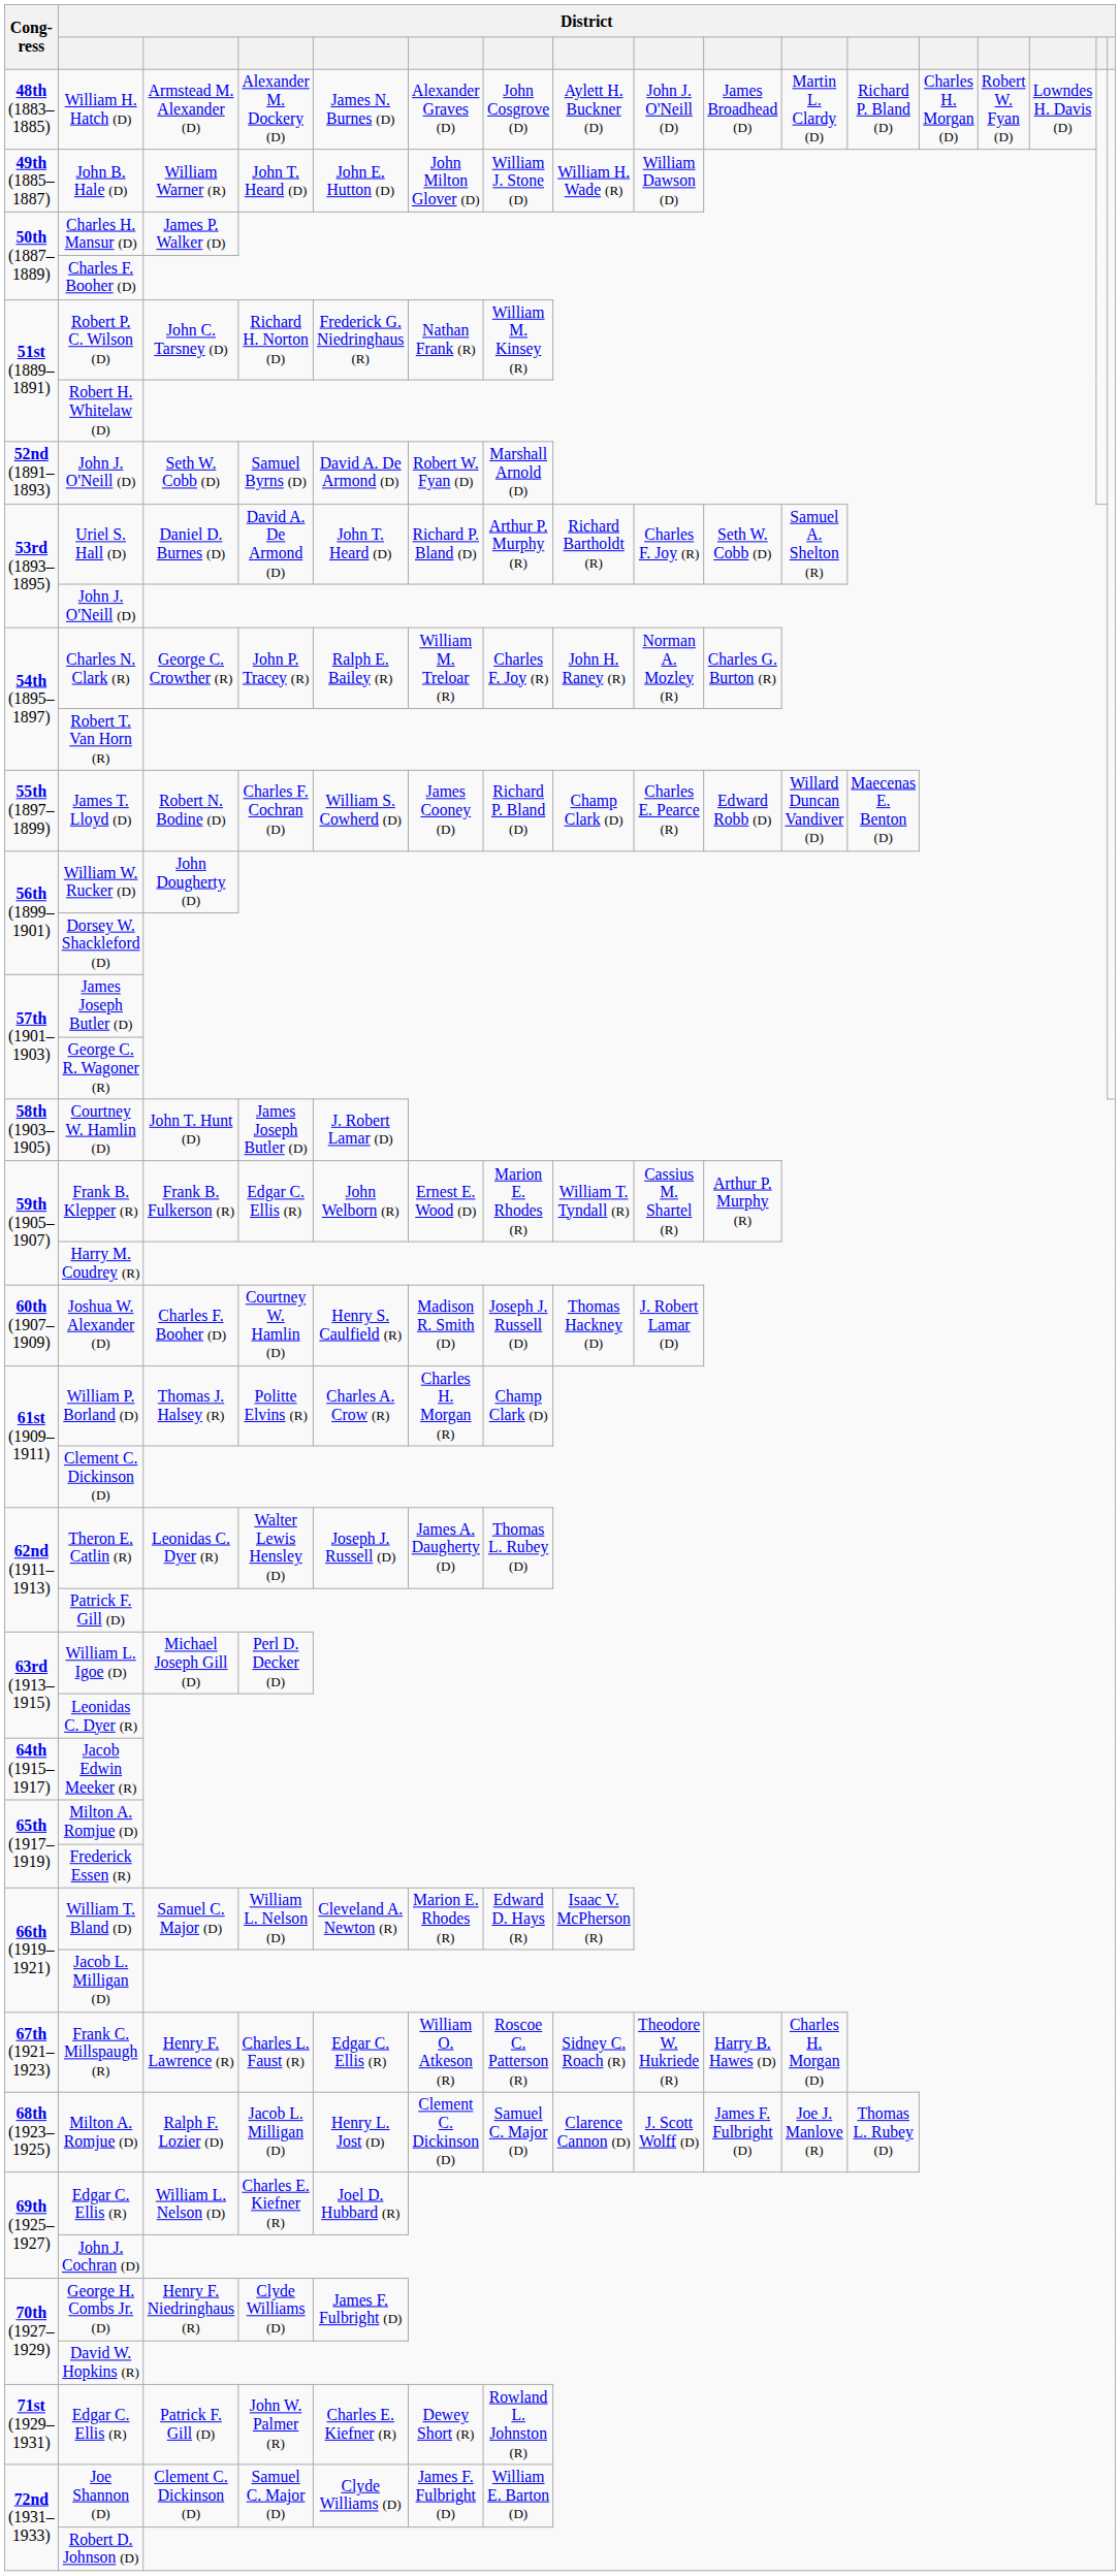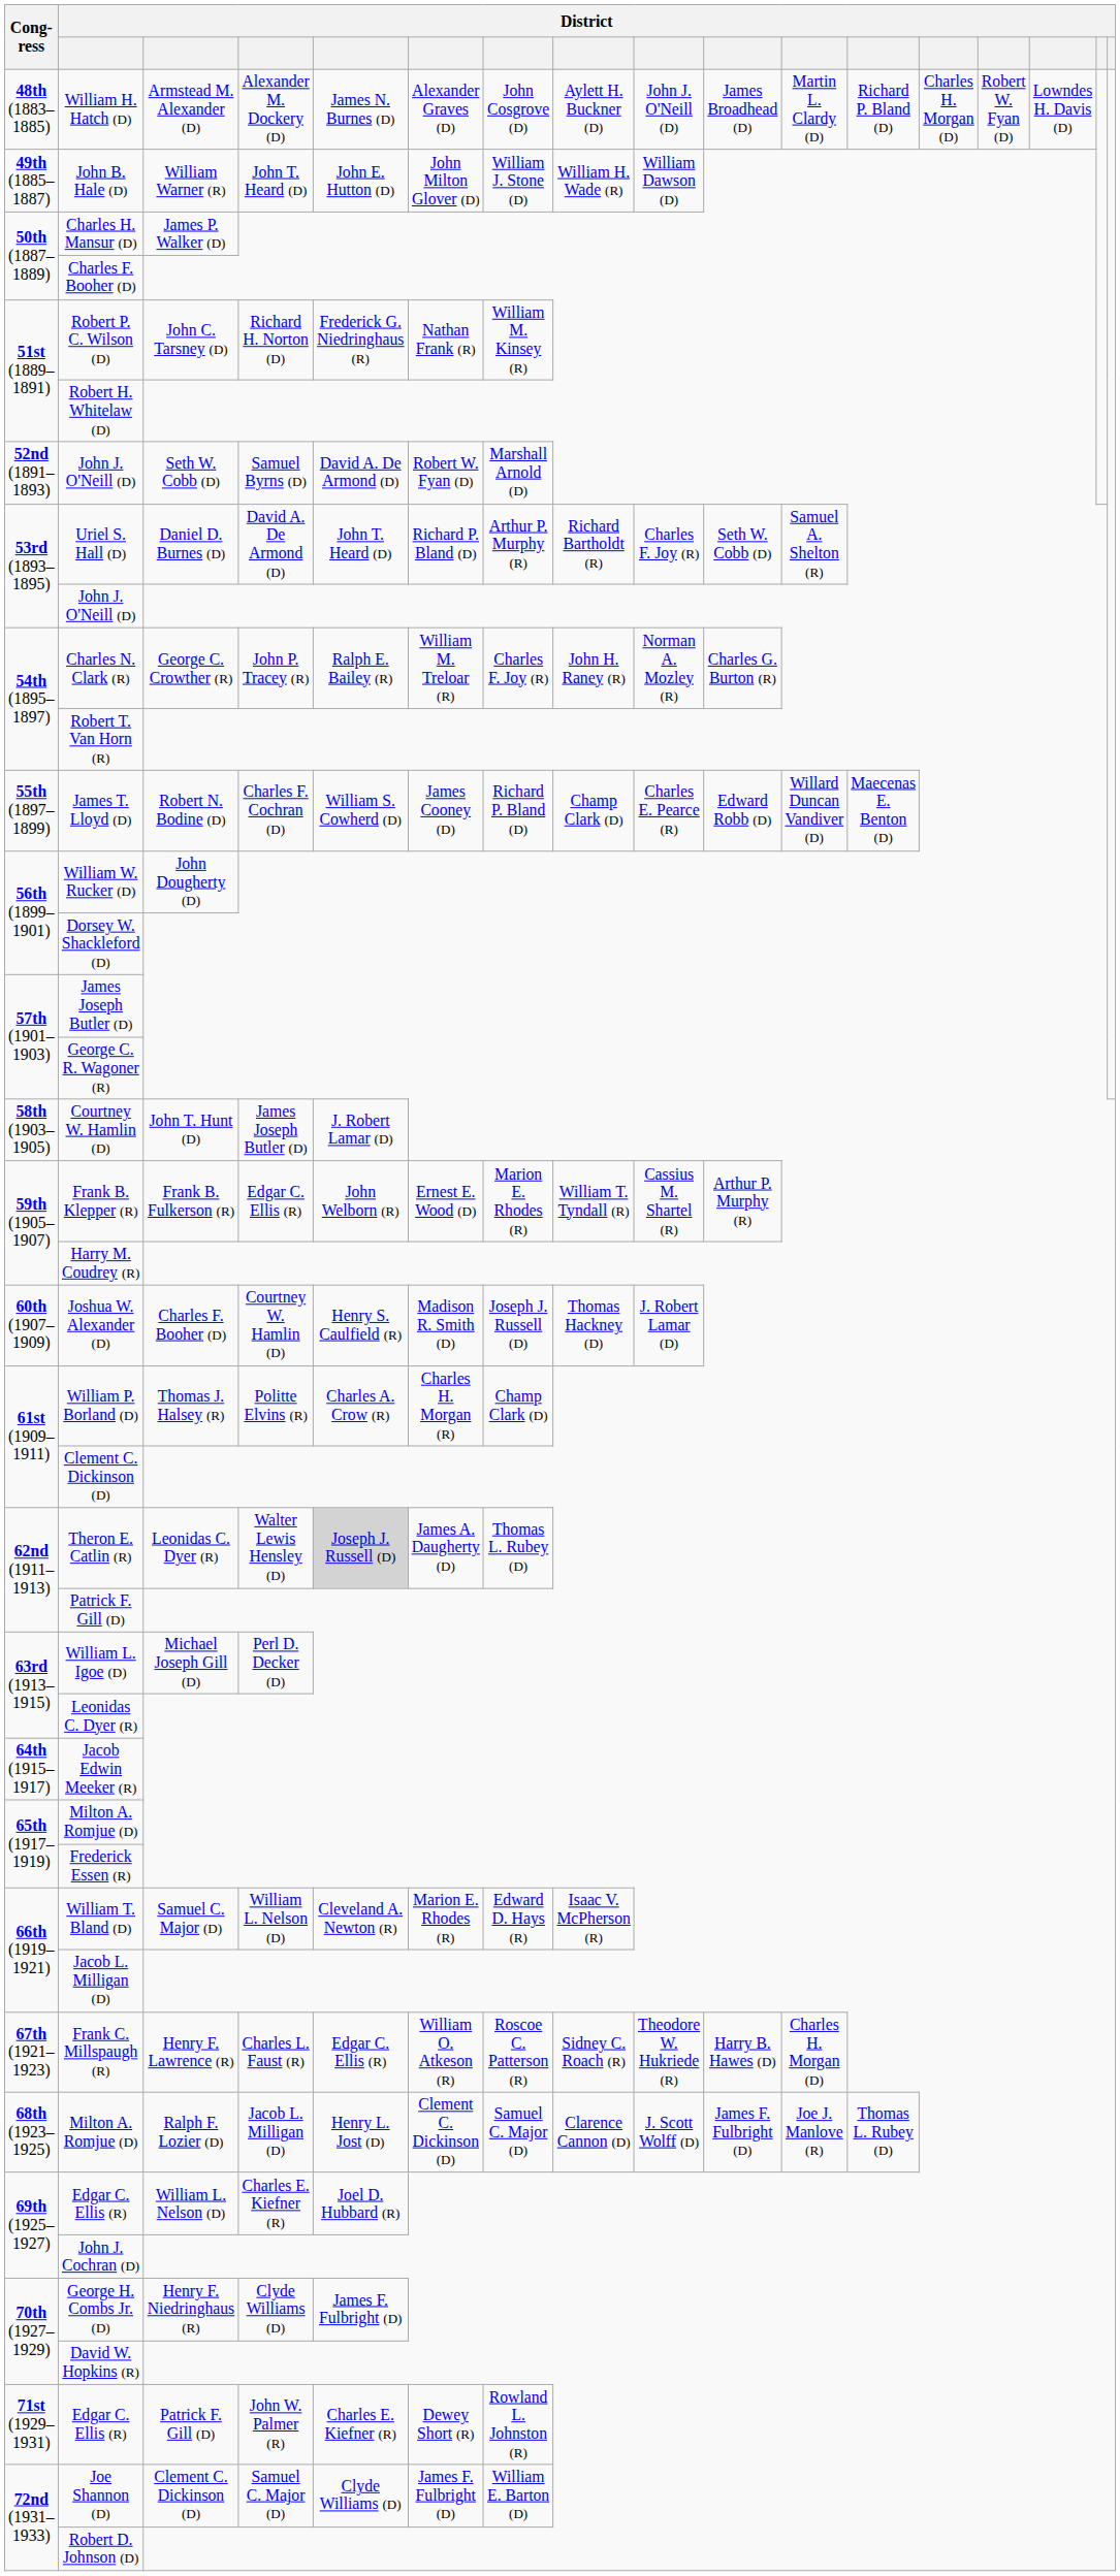 <table class="wikitable sticky-header-multi sortable" style="text-align:center">
 <tr style="height:2em">
 <th rowspan=2  class=unsortable>Cong­ress</th>
 <th colspan=16>District</th>
 </tr>
 <tr style="height:2em">
 <th class=unsortable></th>
 <th class=unsortable></th>
 <th class=unsortable></th>
 <th class=unsortable></th>
 <th class=unsortable></th>
 <th class=unsortable></th>
 <th class=unsortable></th>
 <th class=unsortable></th>
 <th class=unsortable></th>
 <th class=unsortable></th>
 <th class=unsortable></th>
 <th class=unsortable></th>
 <th class=unsortable></th>
 <th class=unsortable></th>
 <th class=unsortable></th>
 <th class=unsortable></th>
 </tr>
 <tr style="height:2em">
 <td><strong><a href='#'>48th</a></strong><br>(1883–1885)</td>
 <td><a href='#'>William H. Hatch</a> <small>(D)</small></td>
 <td><a href='#'>Armstead M. Alexander</a> <small>(D)</small></td>
 <td><a href='#'>Alexander M. Dockery</a> <small>(D)</small></td>
 <td><a href='#'>James N. Burnes</a> <small>(D)</small></td>
 <td><a href='#'>Alexander Graves</a> <small>(D)</small></td>
 <td><a href='#'>John Cosgrove</a> <small>(D)</small></td>
 <td><a href='#'>Aylett H. Buckner</a> <small>(D)</small></td>
 <td><a href='#'>John J. O'Neill</a> <small>(D)</small></td>
 <td><a href='#'>James Broadhead</a> <small>(D)</small></td>
 <td><a href='#'>Martin L. Clardy</a> <small>(D)</small></td>
 <td><a href='#'>Richard P. Bland</a> <small>(D)</small></td>
 <td><a href='#'>Charles H. Morgan</a> <small>(D)</small></td>
 <td><a href='#'>Robert W. Fyan</a> <small>(D)</small></td>
 <td><a href='#'>Lowndes H. Davis</a> <small>(D)</small></td>
 <td rowspan=7> </td>
 <td rowspan=16></td>
 </tr>
 <tr style="height:2em">
 <td><strong><a href='#'>49th</a></strong><br>(1885–1887)</td>
 <td><a href='#'>John B. Hale</a> <small>(D)</small></td>
 <td><a href='#'>William Warner</a> <small>(R)</small></td>
 <td><a href='#'>John T. Heard</a> <small>(D)</small></td>
 <td><a href='#'>John E. Hutton</a> <small>(D)</small></td>
 <td><a href='#'>John Milton Glover</a> <small>(D)</small></td>
 <td><a href='#'>William J. Stone</a> <small>(D)</small></td>
 <td><a href='#'>William H. Wade</a> <small>(R)</small></td>
 <td><a href='#'>William Dawson</a> <small>(D)</small></td>
 </tr>
 <tr style="height:2em">
 <td rowspan=2><strong><a href='#'>50th</a></strong><br>(1887–1889)</td>
 <td><a href='#'>Charles H. Mansur</a> <small>(D)</small></td>
 <td><a href='#'>James P. Walker</a> <small>(D)</small></td>
 </tr>
 <tr style="height:2em">
 <td><a href='#'>Charles F. Booher</a> <small>(D)</small></td>
 </tr>
 <tr style="height:2em">
 <td rowspan=2><strong><a href='#'>51st</a></strong><br>(1889–1891)</td>
 <td><a href='#'>Robert P. C. Wilson</a> <small>(D)</small></td>
 <td><a href='#'>John C. Tarsney</a> <small>(D)</small></td>
 <td><a href='#'>Richard H. Norton</a> <small>(D)</small></td>
 <td><a href='#'>Frederick G. Niedringhaus</a> <small>(R)</small></td>
 <td><a href='#'>Nathan Frank</a> <small>(R)</small></td>
 <td><a href='#'>William M. Kinsey</a> <small>(R)</small></td>
 </tr>
 <tr style="height:2em">
 <td><a href='#'>Robert H. Whitelaw</a> <small>(D)</small></td>
 </tr>
 <tr style="height:2em">
 <td><strong><a href='#'>52nd</a></strong><br>(1891–1893)</td>
 <td><a href='#'>John J. O'Neill</a> <small>(D)</small></td>
 <td><a href='#'>Seth W. Cobb</a> <small>(D)</small></td>
 <td><a href='#'>Samuel Byrns</a> <small>(D)</small></td>
 <td><a href='#'>David A. De Armond</a> <small>(D)</small></td>
 <td><a href='#'>Robert W. Fyan</a> <small>(D)</small></td>
 <td><a href='#'>Marshall Arnold</a> <small>(D)</small></td>
 </tr>
 <tr style="height:2em">
 <td rowspan=2><strong><a href='#'>53rd</a></strong><br>(1893–1895)</td>
 <td><a href='#'>Uriel S. Hall</a> <small>(D)</small></td>
 <td><a href='#'>Daniel D. Burnes</a> <small>(D)</small></td>
 <td><a href='#'>David A. De Armond</a> <small>(D)</small></td>
 <td><a href='#'>John T. Heard</a> <small>(D)</small></td>
 <td><a href='#'>Richard P. Bland</a> <small>(D)</small></td>
 <td><a href='#'>Arthur P. Murphy</a> <small>(R)</small></td>
 <td><a href='#'>Richard Bartholdt</a> <small>(R)</small></td>
 <td><a href='#'>Charles F. Joy</a> <small>(R)</small></td>
 <td><a href='#'>Seth W. Cobb</a> <small>(D)</small></td>
 <td><a href='#'>Samuel A. Shelton</a> <small>(R)</small></td>
 </tr>
 <tr style="height:2em">
 <td><a href='#'>John J. O'Neill</a> <small>(D)</small></td>
 </tr>
 <tr style="height:2em">
 <td rowspan=2><strong><a href='#'>54th</a></strong><br>(1895–1897)</td>
 <td><a href='#'>Charles N. Clark</a> <small>(R)</small></td>
 <td><a href='#'>George C. Crowther</a> <small>(R)</small></td>
 <td><a href='#'>John P. Tracey</a> <small>(R)</small></td>
 <td><a href='#'>Ralph E. Bailey</a> <small>(R)</small></td>
 <td><a href='#'>William M. Treloar</a> <small>(R)</small></td>
 <td><a href='#'>Charles F. Joy</a> <small>(R)</small></td>
 <td><a href='#'>John H. Raney</a> <small>(R)</small></td>
 <td><a href='#'>Norman A. Mozley</a> <small>(R)</small></td>
 <td><a href='#'>Charles G. Burton</a> <small>(R)</small></td>
 </tr>
 <tr style="height:2em">
 <td><a href='#'>Robert T. Van Horn</a> <small>(R)</small></td>
 </tr>
 <tr style="height:2em">
 <td><strong><a href='#'>55th</a></strong><br>(1897–1899)</td>
 <td><a href='#'>James T. Lloyd</a> <small>(D)</small></td>
 <td><a href='#'>Robert N. Bodine</a> <small>(D)</small></td>
 <td><a href='#'>Charles F. Cochran</a> <small>(D)</small></td>
 <td><a href='#'>William S. Cowherd</a> <small>(D)</small></td>
 <td><a href='#'>James Cooney</a> <small>(D)</small></td>
 <td><a href='#'>Richard P. Bland</a> <small>(D)</small></td>
 <td><a href='#'>Champ Clark</a> <small>(D)</small></td>
 <td><a href='#'>Charles E. Pearce</a> <small>(R)</small></td>
 <td><a href='#'>Edward Robb</a> <small>(D)</small></td>
 <td><a href='#'>Willard Duncan Vandiver</a> <small>(D)</small></td>
 <td><a href='#'>Maecenas E. Benton</a> <small>(D)</small></td>
 </tr>
 <tr style="height:2em">
 <td rowspan=2><strong><a href='#'>56th</a></strong><br>(1899–1901)</td>
 <td><a href='#'>William W. Rucker</a> <small>(D)</small></td>
 <td><a href='#'>John Dougherty</a> <small>(D)</small></td>
 </tr>
 <tr style="height:2em">
 <td><a href='#'>Dorsey W. Shackleford</a> <small>(D)</small></td>
 </tr>
 <tr style="height:2em">
 <td rowspan=2><strong><a href='#'>57th</a></strong><br>(1901–1903)</td>
 <td><a href='#'>James Joseph Butler</a> <small>(D)</small></td>
 </tr>
 <tr style="height:2em">
 <td><a href='#'>George C. R. Wagoner</a> <small>(R)</small></td>
 </tr>
 <tr style="height:2em">
 <td><strong><a href='#'>58th</a></strong><br>(1903–1905)</td>
 <td><a href='#'>Courtney W. Hamlin</a> <small>(D)</small></td>
 <td><a href='#'>John T. Hunt</a> <small>(D)</small></td>
 <td><a href='#'>James Joseph Butler</a> <small>(D)</small></td>
 <td><a href='#'>J. Robert Lamar</a> <small>(D)</small></td>
 </tr>
 <tr style="height:2em">
 <td rowspan=2><strong><a href='#'>59th</a></strong><br>(1905–1907)</td>
 <td><a href='#'>Frank B. Klepper</a> <small>(R)</small></td>
 <td><a href='#'>Frank B. Fulkerson</a> <small>(R)</small></td>
 <td><a href='#'>Edgar C. Ellis</a> <small>(R)</small></td>
 <td><a href='#'>John Welborn</a> <small>(R)</small></td>
 <td><a href='#'>Ernest E. Wood</a> <small>(D)</small></td>
 <td><a href='#'>Marion E. Rhodes</a> <small>(R)</small></td>
 <td><a href='#'>William T. Tyndall</a> <small>(R)</small></td>
 <td><a href='#'>Cassius M. Shartel</a> <small>(R)</small></td>
 <td><a href='#'>Arthur P. Murphy</a> <small>(R)</small></td>
 </tr>
 <tr style="height:2em">
 <td><a href='#'>Harry M. Coudrey</a> <small>(R)</small></td>
 </tr>
 <tr style="height:2em">
 <td><strong><a href='#'>60th</a></strong><br>(1907–1909)</td>
 <td><a href='#'>Joshua W. Alexander</a> <small>(D)</small></td>
 <td><a href='#'>Charles F. Booher</a> <small>(D)</small></td>
 <td><a href='#'>Courtney W. Hamlin</a> <small>(D)</small></td>
 <td><a href='#'>Henry S. Caulfield</a> <small>(R)</small></td>
 <td><a href='#'>Madison R. Smith</a> <small>(D)</small></td>
 <td><a href='#'>Joseph J. Russell</a> <small>(D)</small></td>
 <td><a href='#'>Thomas Hackney</a> <small>(D)</small></td>
 <td><a href='#'>J. Robert Lamar</a> <small>(D)</small></td>
 </tr>
 <tr style="height:2em">
 <td rowspan=2><strong><a href='#'>61st</a></strong><br>(1909–1911)</td>
 <td><a href='#'>William P. Borland</a> <small>(D)</small></td>
 <td><a href='#'>Thomas J. Halsey</a> <small>(R)</small></td>
 <td><a href='#'>Politte Elvins</a> <small>(R)</small></td>
 <td><a href='#'>Charles A. Crow</a> <small>(R)</small></td>
 <td><a href='#'>Charles H. Morgan</a> <small>(R)</small></td>
 <td><a href='#'>Champ Clark</a> <small>(D)</small></td>
 </tr>
 <tr style="height:2em">
 <td><a href='#'>Clement C. Dickinson</a> <small>(D)</small></td>
 </tr>
 <tr style="height:2em">
 <td rowspan=2><strong><a href='#'>62nd</a></strong><br>(1911–1913)</td>
 <td><a href='#'>Theron E. Catlin</a> <small>(R)</small></td>
 <td><a href='#'>Leonidas C. Dyer</a> <small>(R)</small></td>
 <td><a href='#'>Walter Lewis Hensley</a> <small>(D)</small></td>
-<td><a href='#'>Joseph J. Russell</a> <small>(D)</small></td>
+<td style="background: lightgrey;"><a href='#'>Joseph J. Russell</a> <small>(D)</small></td>
 <td><a href='#'>James A. Daugherty</a> <small>(D)</small></td>
 <td><a href='#'>Thomas L. Rubey</a> <small>(D)</small></td>
 </tr>
 <tr style="height:2em">
 <td><a href='#'>Patrick F. Gill</a> <small>(D)</small></td>
 </tr>
 <tr style="height:2em">
 <td rowspan=2><strong><a href='#'>63rd</a></strong><br>(1913–1915)</td>
 <td><a href='#'>William L. Igoe</a> <small>(D)</small></td>
 <td><a href='#'>Michael Joseph Gill</a> <small>(D)</small></td>
 <td><a href='#'>Perl D. Decker</a> <small>(D)</small></td>
 </tr>
 <tr style="height:2em">
 <td><a href='#'>Leonidas C. Dyer</a> <small>(R)</small></td>
 </tr>
 <tr style="height:2em">
 <td><strong><a href='#'>64th</a></strong><br>(1915–1917)</td>
 <td><a href='#'>Jacob Edwin Meeker</a> <small>(R)</small></td>
 </tr>
 <tr style="height:2em">
 <td rowspan=2><strong><a href='#'>65th</a></strong><br>(1917–1919)</td>
 <td><a href='#'>Milton A. Romjue</a> <small>(D)</small></td>
 </tr>
 <tr style="height:2em">
 <td><a href='#'>Frederick Essen</a> <small>(R)</small></td>
 </tr>
 <tr style="height:2em">
 <td rowspan=2><strong><a href='#'>66th</a></strong><br>(1919–1921)</td>
 <td><a href='#'>William T. Bland</a> <small>(D)</small></td>
 <td><a href='#'>Samuel C. Major</a> <small>(D)</small></td>
 <td><a href='#'>William L. Nelson</a> <small>(D)</small></td>
 <td><a href='#'>Cleveland A. Newton</a> <small>(R)</small></td>
 <td><a href='#'>Marion E. Rhodes</a> <small>(R)</small></td>
 <td><a href='#'>Edward D. Hays</a> <small>(R)</small></td>
 <td><a href='#'>Isaac V. McPherson</a> <small>(R)</small></td>
 </tr>
 <tr style="height:2em">
 <td><a href='#'>Jacob L. Milligan</a> <small>(D)</small></td>
 </tr>
 <tr style="height:2em">
 <td><strong><a href='#'>67th</a></strong><br>(1921–1923)</td>
 <td><a href='#'>Frank C. Millspaugh</a> <small>(R)</small></td>
 <td><a href='#'>Henry F. Lawrence</a> <small>(R)</small></td>
 <td><a href='#'>Charles L. Faust</a> <small>(R)</small></td>
 <td><a href='#'>Edgar C. Ellis</a> <small>(R)</small></td>
 <td><a href='#'>William O. Atkeson</a> <small>(R)</small></td>
 <td><a href='#'>Roscoe C. Patterson</a> <small>(R)</small></td>
 <td><a href='#'>Sidney C. Roach</a> <small>(R)</small></td>
 <td><a href='#'>Theodore W. Hukriede</a> <small>(R)</small></td>
 <td><a href='#'>Harry B. Hawes</a> <small>(D)</small></td>
 <td><a href='#'>Charles H. Morgan</a> <small>(D)</small></td>
 </tr>
 <tr style="height:2em">
 <td><strong><a href='#'>68th</a></strong><br>(1923–1925)</td>
 <td><a href='#'>Milton A. Romjue</a> <small>(D)</small></td>
 <td><a href='#'>Ralph F. Lozier</a> <small>(D)</small></td>
 <td><a href='#'>Jacob L. Milligan</a> <small>(D)</small></td>
 <td><a href='#'>Henry L. Jost</a> <small>(D)</small></td>
 <td><a href='#'>Clement C. Dickinson</a> <small>(D)</small></td>
 <td><a href='#'>Samuel C. Major</a> <small>(D)</small></td>
 <td><a href='#'>Clarence Cannon</a> <small>(D)</small></td>
 <td><a href='#'>J. Scott Wolff</a> <small>(D)</small></td>
 <td><a href='#'>James F. Fulbright</a> <small>(D)</small></td>
 <td><a href='#'>Joe J. Manlove</a> <small>(R)</small></td>
 <td><a href='#'>Thomas L. Rubey</a> <small>(D)</small></td>
 </tr>
 <tr style="height:2em">
 <td rowspan=2><strong><a href='#'>69th</a></strong><br>(1925–1927)</td>
 <td><a href='#'>Edgar C. Ellis</a> <small>(R)</small></td>
 <td><a href='#'>William L. Nelson</a> <small>(D)</small></td>
 <td><a href='#'>Charles E. Kiefner</a> <small>(R)</small></td>
 <td><a href='#'>Joel D. Hubbard</a> <small>(R)</small></td>
 </tr>
 <tr style="height:2em">
 <td><a href='#'>John J. Cochran</a> <small>(D)</small></td>
 </tr>
 <tr style="height:2em">
 <td rowspan=2><strong><a href='#'>70th</a></strong><br>(1927–1929)</td>
 <td><a href='#'>George H. Combs Jr.</a> <small>(D)</small></td>
 <td><a href='#'>Henry F. Niedringhaus</a> <small>(R)</small></td>
 <td><a href='#'>Clyde Williams</a> <small>(D)</small></td>
 <td><a href='#'>James F. Fulbright</a> <small>(D)</small></td>
 </tr>
 <tr style="height:2em">
 <td><a href='#'>David W. Hopkins</a> <small>(R)</small></td>
 </tr>
 <tr style="height:2em">
 <td><strong><a href='#'>71st</a></strong><br>(1929–1931)</td>
 <td><a href='#'>Edgar C. Ellis</a> <small>(R)</small></td>
 <td><a href='#'>Patrick F. Gill</a> <small>(D)</small></td>
 <td><a href='#'>John W. Palmer</a> <small>(R)</small></td>
 <td><a href='#'>Charles E. Kiefner</a> <small>(R)</small></td>
 <td><a href='#'>Dewey Short</a> <small>(R)</small></td>
 <td><a href='#'>Rowland L. Johnston</a> <small>(R)</small></td>
 </tr>
 <tr style="height:2em">
 <td rowspan=2><strong><a href='#'>72nd</a></strong><br>(1931–1933)</td>
 <td><a href='#'>Joe Shannon</a> <small>(D)</small></td>
 <td><a href='#'>Clement C. Dickinson</a> <small>(D)</small></td>
 <td><a href='#'>Samuel C. Major</a> <small>(D)</small></td>
 <td><a href='#'>Clyde Williams</a> <small>(D)</small></td>
 <td><a href='#'>James F. Fulbright</a> <small>(D)</small></td>
 <td><a href='#'>William E. Barton</a> <small>(D)</small></td>
 </tr>
 <tr style="height:2em">
 <td><a href='#'>Robert D. Johnson</a> <small>(D)</small></td>
 </tr>
 </table>
